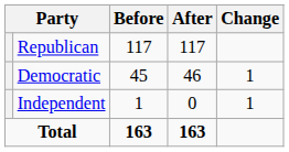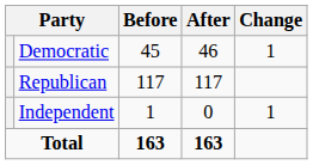 <table class="wikitable" style="text-align:center;">
 <tr>
 </tr>
 <tr>
 <th colspan=2>Party</th>
 <th>Before</th>
 <th>After</th>
 <th>Change</th>
 </tr>
 <tr>
 <th style="background-color:"></th>
+<td style="text-align:left;"><a href='#'>Democratic</a></td>
+<td>45</td>
+<td>46</td>
+<td> 1</td>
+</tr>
+<tr>
+<th style="background-color:"></th>
 <td style="text-align:left;"><a href='#'>Republican</a></td>
 <td>117</td>
 <td>117</td>
 <td></td>
-</tr>
-<tr>
-<th style="background-color:"></th>
-<td style="text-align:left;"><a href='#'>Democratic</a></td>
-<td>45</td>
-<td>46</td>
-<td> 1</td>
 </tr>
 <tr>
 <th style="background-color:"></th>
 <td style="text-align:left;"><a href='#'>Independent</a></td>
 <td>1</td>
 <td>0</td>
 <td> 1</td>
 </tr>
 <tr>
 <td colspan=2><strong>Total</strong></td>
 <td><strong>163</strong></td>
 <td><strong>163</strong></td>
 <td></td>
 </tr>
 </table>
